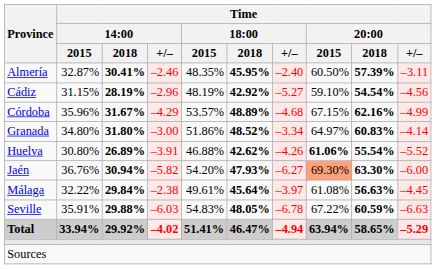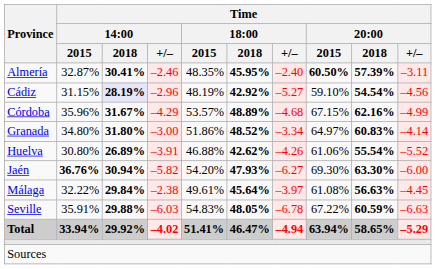 <table class="wikitable sortable" style="text-align:right;">
 <tr>
 <th rowspan="3">Province</th>
 <th colspan="10">Time</th>
 </tr>
 <tr>
 <th colspan="3">14:00</th>
 <th colspan="3">18:00</th>
 <th colspan="3">20:00</th>
 </tr>
 <tr>
 <th>2015</th>
 <th>2018</th>
 <th>+/–</th>
 <th>2015</th>
 <th>2018</th>
 <th>+/–</th>
 <th>2015</th>
 <th>2018</th>
 <th>+/–</th>
 </tr>
 <tr>
 <td align="left"><a href='#'>Almería</a></td>
 <td>32.87%</td>
 <td><strong>30.41%</strong></td>
 <td style="background:#FFE8E8; color:red;">–2.46</td>
 <td>48.35%</td>
 <td><strong>45.95%</strong></td>
 <td style="background:#FFE8E8; color:red;">–2.40</td>
-<td>60.50%</td>
+<td><strong>60.50%</strong></td>
 <td><strong>57.39%</strong></td>
 <td style="background:#FFE8E8; color:red;">–3.11</td>
 </tr>
 <tr>
 <td align="left"><a href='#'>Cádiz</a></td>
 <td>31.15%</td>
-<td><strong>28.19%</strong></td>
+<td style="background: lavender;"><strong>28.19%</strong></td>
 <td style="background:#FFE8E8; color:red;">–2.96</td>
 <td>48.19%</td>
 <td><strong>42.92%</strong></td>
 <td style="background:#FFE8E8; color:red;">–5.27</td>
 <td>59.10%</td>
 <td><strong>54.54%</strong></td>
 <td style="background:#FFE8E8; color:red;">–4.56</td>
 </tr>
 <tr>
 <td align="left"><a href='#'>Córdoba</a></td>
 <td>35.96%</td>
 <td><strong>31.67%</strong></td>
 <td style="background:#FFE8E8; color:red;">–4.29</td>
 <td>53.57%</td>
 <td><strong>48.89%</strong></td>
 <td style="background:#FFE8E8; color:red;">–4.68</td>
 <td>67.15%</td>
 <td><strong>62.16%</strong></td>
 <td style="background:#FFE8E8; color:red;">–4.99</td>
 </tr>
 <tr>
 <td align="left"><a href='#'>Granada</a></td>
 <td>34.80%</td>
 <td><strong>31.80%</strong></td>
 <td style="background:#FFE8E8; color:red;">–3.00</td>
 <td>51.86%</td>
 <td><strong>48.52%</strong></td>
 <td style="background:#FFE8E8; color:red;">–3.34</td>
 <td>64.97%</td>
 <td><strong>60.83%</strong></td>
 <td style="background:#FFE8E8; color:red;">–4.14</td>
 </tr>
 <tr>
 <td align="left"><a href='#'>Huelva</a></td>
 <td>30.80%</td>
 <td><strong>26.89%</strong></td>
 <td style="background:#FFE8E8; color:red;">–3.91</td>
 <td>46.88%</td>
 <td><strong>42.62%</strong></td>
 <td style="background:#FFE8E8; color:red;">–4.26</td>
-<td><strong>61.06%</strong></td>
+<td>61.06%</td>
 <td><strong>55.54%</strong></td>
 <td style="background:#FFE8E8; color:red;">–5.52</td>
 </tr>
 <tr>
 <td align="left"><a href='#'>Jaén</a></td>
-<td>36.76%</td>
+<td><strong>36.76%</strong></td>
 <td><strong>30.94%</strong></td>
 <td style="background:#FFE8E8; color:red;">–5.82</td>
 <td>54.20%</td>
 <td><strong>47.93%</strong></td>
 <td style="background:#FFE8E8; color:red;">–6.27</td>
-<td style="background: lightsalmon;">69.30%</td>
+<td>69.30%</td>
 <td><strong>63.30%</strong></td>
 <td style="background:#FFE8E8; color:red;">–6.00</td>
 </tr>
 <tr>
 <td align="left"><a href='#'>Málaga</a></td>
 <td>32.22%</td>
 <td><strong>29.84%</strong></td>
 <td style="background:#FFE8E8; color:red;">–2.38</td>
 <td>49.61%</td>
 <td><strong>45.64%</strong></td>
 <td style="background:#FFE8E8; color:red;">–3.97</td>
 <td>61.08%</td>
 <td><strong>56.63%</strong></td>
 <td style="background:#FFE8E8; color:red;">–4.45</td>
 </tr>
 <tr>
 <td align="left"><a href='#'>Seville</a></td>
 <td>35.91%</td>
 <td><strong>29.88%</strong></td>
 <td style="background:#FFE8E8; color:red;">–6.03</td>
 <td>54.83%</td>
 <td><strong>48.05%</strong></td>
 <td style="background:#FFE8E8; color:red;">–6.78</td>
 <td>67.22%</td>
 <td><strong>60.59%</strong></td>
 <td style="background:#FFE8E8; color:red;">–6.63</td>
 </tr>
 <tr style="background:#CDCDCD;">
 <td align="left"><strong>Total</strong></td>
 <td><strong>33.94%</strong></td>
 <td><strong>29.92%</strong></td>
 <td style="background:#FFE8E8; color:red;"><strong>–4.02</strong></td>
 <td><strong>51.41%</strong></td>
 <td><strong>46.47%</strong></td>
 <td style="background:#FFE8E8; color:red;"><strong>–4.94</strong></td>
 <td><strong>63.94%</strong></td>
 <td><strong>58.65%</strong></td>
 <td style="background:#FFE8E8; color:red;"><strong>–5.29</strong></td>
 </tr>
 <tr>
 <td colspan="10" bgcolor="#E9E9E9"></td>
 </tr>
 <tr>
 <td align="left" colspan="10">Sources</td>
 </tr>
 </table>
